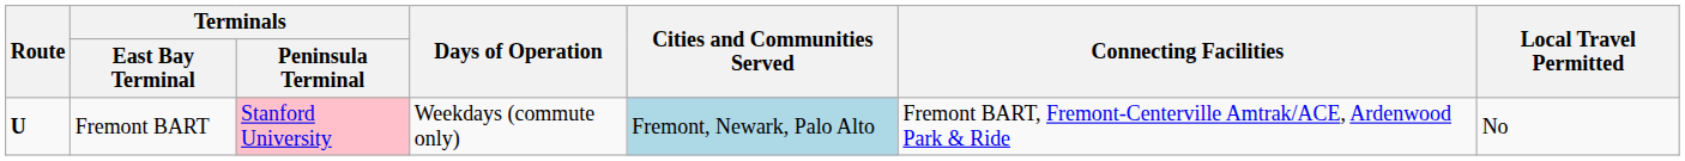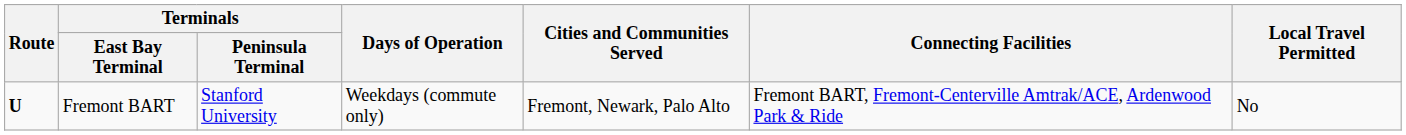 <table class="wikitable">
 <tr>
 <th rowspan="2">Route</th>
 <th colspan="2">Terminals</th>
 <th rowspan="2">Days of Operation</th>
 <th rowspan="2">Cities and Communities Served</th>
 <th rowspan="2">Connecting Facilities</th>
 <th rowspan="2">Local Travel Permitted</th>
 </tr>
 <tr>
 <th>East Bay Terminal</th>
 <th>Peninsula Terminal</th>
 </tr>
 <tr>
 <td><strong>U</strong></td>
 <td>Fremont BART</td>
-<td style="background: pink;"><a href='#'>Stanford University</a></td>
+<td><a href='#'>Stanford University</a></td>
 <td>Weekdays (commute only)</td>
-<td style="background: lightblue;">Fremont, Newark, Palo Alto</td>
+<td>Fremont, Newark, Palo Alto</td>
 <td>Fremont BART, <a href='#'>Fremont-Centerville Amtrak/ACE</a>, <a href='#'>Ardenwood Park & Ride</a></td>
 <td>No</td>
 </tr>
 </table>
